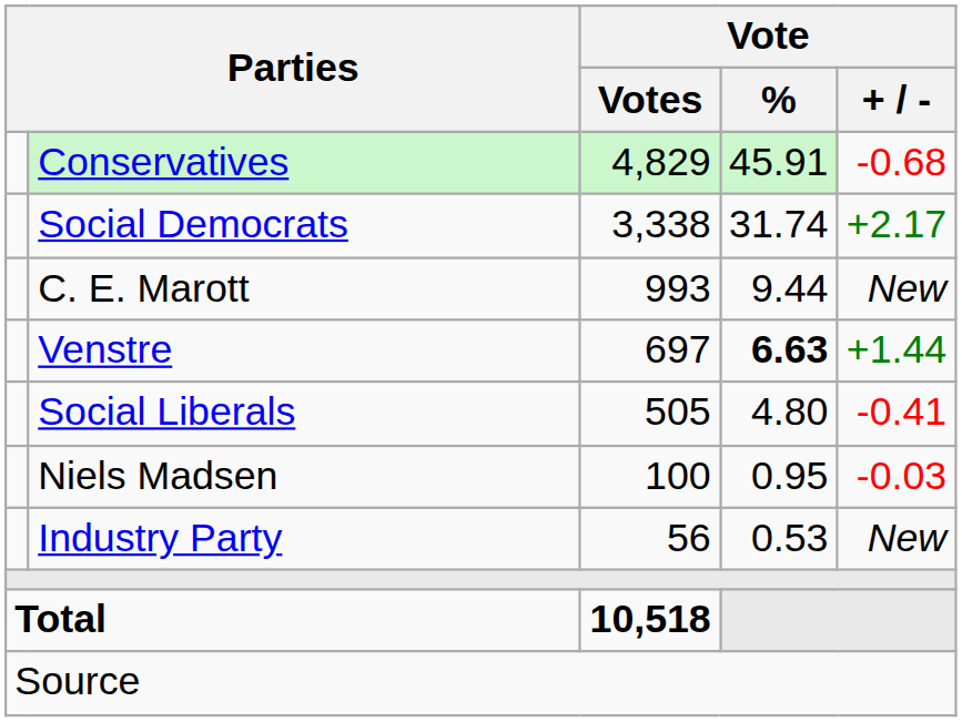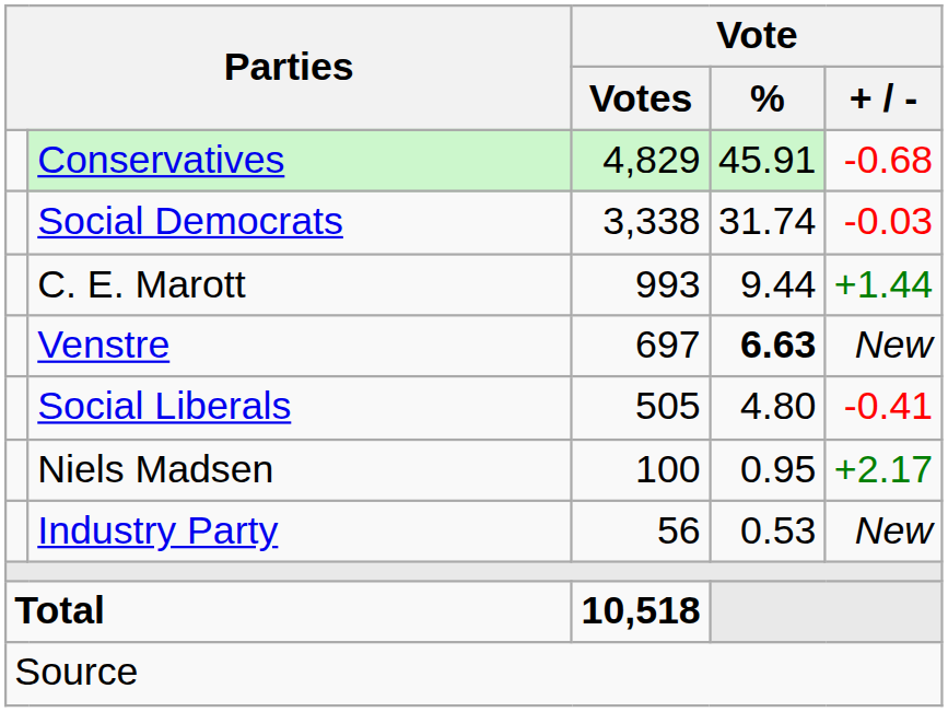 <table class="wikitable" style="text-align:right;">
 <tr>
 <th style="text-align:centre;" rowspan="2" colspan="2" width="225">Parties</th>
 <th colspan="3">Vote</th>
 </tr>
 <tr>
 <th width="15">Votes</th>
 <th width="15">%</th>
 <th width="15">+ / -</th>
 </tr>
 <tr>
 <td width="2" style="color:inherit;background:"></td>
 <td bgcolor=#ccf7cc  align="left"><a href='#'>Conservatives</a></td>
 <td bgcolor=#ccf7cc>4,829</td>
 <td bgcolor=#ccf7cc>45.91</td>
 <td style=color:red;>-0.68</td>
 </tr>
 <tr>
 <td width="2" style="color:inherit;background:"></td>
 <td align="left"><a href='#'>Social Democrats</a></td>
 <td>3,338</td>
 <td>31.74</td>
-<td style=color:green;>+2.17</td>
+<td style=color:red;>-0.03</td>
 </tr>
 <tr>
 <td width="2" style="color:inherit;background:"></td>
 <td align="left">C. E. Marott</td>
 <td>993</td>
 <td>9.44</td>
-<td><em>New</em></td>
+<td style=color:green;>+1.44</td>
 </tr>
 <tr>
 <td width="2" style="color:inherit;background:"></td>
 <td align="left"><a href='#'>Venstre</a></td>
 <td>697</td>
 <td><strong>6.63</strong></td>
-<td style=color:green;>+1.44</td>
+<td><em>New</em></td>
 </tr>
 <tr>
 <td width="2" style="color:inherit;background:"></td>
 <td align="left"><a href='#'>Social Liberals</a></td>
 <td>505</td>
 <td>4.80</td>
 <td style=color:red;>-0.41</td>
 </tr>
 <tr>
 <td width="2" style="color:inherit;background:"></td>
 <td align="left">Niels Madsen</td>
 <td>100</td>
 <td>0.95</td>
-<td style=color:red;>-0.03</td>
+<td style=color:green;>+2.17</td>
 </tr>
 <tr>
 <td width="2" style="color:inherit;background:"></td>
 <td align="left"><a href='#'>Industry Party</a></td>
 <td>56</td>
 <td>0.53</td>
 <td><em>New</em></td>
 </tr>
 <tr>
 <td colspan="7" bgcolor="#E9E9E9"></td>
 </tr>
 <tr>
 <td align="left" colspan="2"><strong>Total</strong></td>
 <td><strong>10,518</strong></td>
 <td bgcolor="#E9E9E9" colspan="2"></td>
 </tr>
 <tr>
 <td align="left" colspan="6">Source</td>
 </tr>
 </table>
